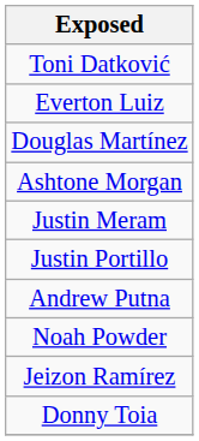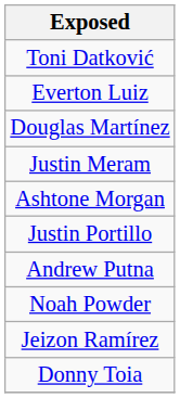 <table class="wikitable" style="text-align:center">
 <tr>
 <th>Exposed</th>
 </tr>
 <tr>
 <td><a href='#'>Toni Datković</a></td>
 </tr>
 <tr>
 <td><a href='#'>Everton Luiz</a></td>
 </tr>
 <tr>
 <td><a href='#'>Douglas Martínez</a></td>
 </tr>
 <tr>
-<td><a href='#'>Ashtone Morgan</a></td>
+<td><a href='#'>Justin Meram</a></td>
 </tr>
 <tr>
-<td><a href='#'>Justin Meram</a></td>
+<td><a href='#'>Ashtone Morgan</a></td>
 </tr>
 <tr>
 <td><a href='#'>Justin Portillo</a></td>
 </tr>
 <tr>
 <td><a href='#'>Andrew Putna</a></td>
 </tr>
 <tr>
 <td><a href='#'>Noah Powder</a></td>
 </tr>
 <tr>
 <td><a href='#'>Jeizon Ramírez</a></td>
 </tr>
 <tr>
 <td><a href='#'>Donny Toia</a></td>
 </tr>
 <tr>
 </tr>
 </table>
